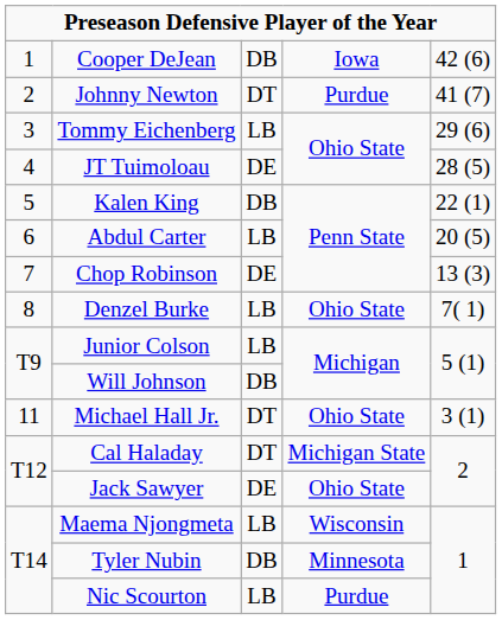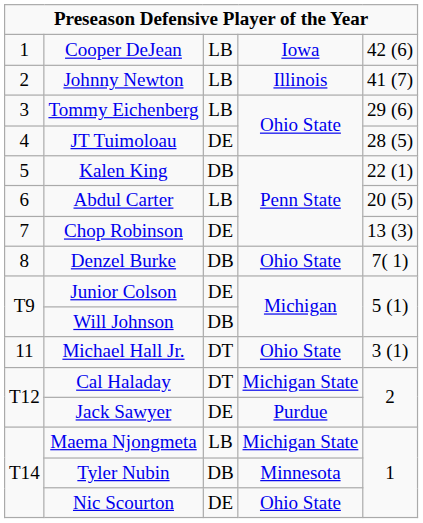 <table class="wikitable" style="display: inline-table;">
 <tr align="center">
 <td align="center" Colspan="5"><strong>Preseason Defensive Player of the Year</strong><br></td>
 </tr>
 <tr align="center">
 <td>1</td>
 <td><a href='#'>Cooper DeJean</a></td>
-<td>DB</td>
+<td>LB</td>
 <td><a href='#'>Iowa</a></td>
 <td>42 (6)</td>
 </tr>
 <tr align="center">
 <td>2</td>
 <td><a href='#'>Johnny Newton</a></td>
-<td>DT</td>
-<td><a href='#'>Purdue</a></td>
+<td>LB</td>
+<td><a href='#'>Illinois</a></td>
 <td>41 (7)</td>
 </tr>
 <tr align="center">
 <td>3</td>
 <td><a href='#'>Tommy Eichenberg</a></td>
 <td>LB</td>
 <td rowspan="2" align="center"><a href='#'>Ohio State</a></td>
 <td>29 (6)</td>
 </tr>
 <tr align="center">
 <td>4</td>
 <td><a href='#'>JT Tuimoloau</a></td>
 <td>DE</td>
 <td>28 (5)</td>
 </tr>
 <tr align="center">
 <td>5</td>
 <td><a href='#'>Kalen King</a></td>
 <td>DB</td>
 <td rowspan="3" align="center"><a href='#'>Penn State</a></td>
 <td>22 (1)</td>
 </tr>
 <tr align="center">
 <td>6</td>
 <td><a href='#'>Abdul Carter</a></td>
 <td>LB</td>
 <td>20 (5)</td>
 </tr>
 <tr align="center">
 <td>7</td>
 <td><a href='#'>Chop Robinson</a></td>
 <td>DE</td>
 <td>13 (3)</td>
 </tr>
 <tr align="center">
 <td>8</td>
 <td><a href='#'>Denzel Burke</a></td>
-<td>LB</td>
+<td>DB</td>
 <td><a href='#'>Ohio State</a></td>
 <td>7( 1)</td>
 </tr>
 <tr align="center">
 <td rowspan="2">T9</td>
 <td><a href='#'>Junior Colson</a></td>
-<td>LB</td>
+<td>DE</td>
 <td rowspan="2" align="center"><a href='#'>Michigan</a></td>
 <td rowspan="2">5 (1)</td>
 </tr>
 <tr align="center">
 <td><a href='#'>Will Johnson</a></td>
 <td>DB</td>
 </tr>
 <tr align="center">
 <td>11</td>
 <td><a href='#'>Michael Hall Jr.</a></td>
 <td>DT</td>
 <td><a href='#'>Ohio State</a></td>
 <td>3 (1)</td>
 </tr>
 <tr align="center">
 <td rowspan="2">T12</td>
 <td><a href='#'>Cal Haladay</a></td>
 <td>DT</td>
 <td><a href='#'>Michigan State</a></td>
 <td rowspan="2">2</td>
 </tr>
 <tr align="center">
 <td><a href='#'>Jack Sawyer</a></td>
 <td>DE</td>
-<td><a href='#'>Ohio State</a></td>
+<td><a href='#'>Purdue</a></td>
 </tr>
 <tr align="center">
 <td rowspan="3">T14</td>
 <td><a href='#'>Maema Njongmeta</a></td>
 <td>LB</td>
-<td><a href='#'>Wisconsin</a></td>
+<td><a href='#'>Michigan State</a></td>
 <td rowspan="3">1</td>
 </tr>
 <tr align="center">
 <td><a href='#'>Tyler Nubin</a></td>
 <td>DB</td>
 <td><a href='#'>Minnesota</a></td>
 </tr>
 <tr align="center">
 <td><a href='#'>Nic Scourton</a></td>
-<td>LB</td>
-<td><a href='#'>Purdue</a></td>
+<td>DE</td>
+<td><a href='#'>Ohio State</a></td>
 </tr>
 </table>
